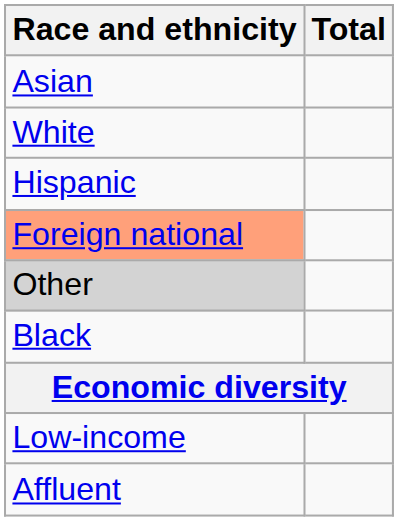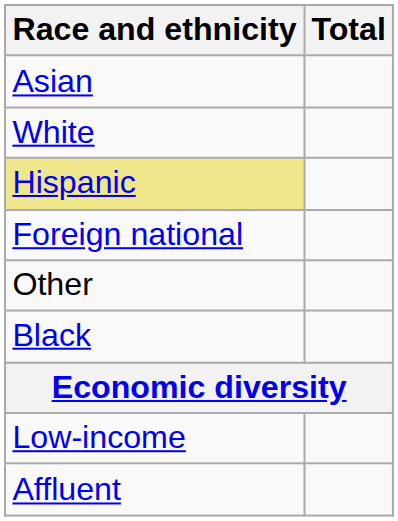 <table class="wikitable floatright sortable collapsible"; text-align:right; font-size:80%;">
 <tr>
 <th>Race and ethnicity</th>
 <th colspan="2" data-sort-type=number>Total</th>
 </tr>
 <tr>
 <td><a href='#'>Asian</a></td>
 <td align=right></td>
 </tr>
 <tr>
 <td><a href='#'>White</a></td>
 <td align=right></td>
 </tr>
 <tr>
-<td><a href='#'>Hispanic</a></td>
+<td style="background: khaki;"><a href='#'>Hispanic</a></td>
 <td align=right></td>
 </tr>
 <tr>
-<td style="background: lightsalmon;"><a href='#'>Foreign national</a></td>
+<td><a href='#'>Foreign national</a></td>
 <td align=right></td>
 </tr>
 <tr>
-<td style="background: lightgrey;">Other</td>
+<td>Other</td>
 <td align=right></td>
 </tr>
 <tr>
 <td><a href='#'>Black</a></td>
 <td align=right></td>
 </tr>
 <tr>
 <th colspan="4" data-sort-type=number><a href='#'>Economic diversity</a></th>
 </tr>
 <tr>
 <td><a href='#'>Low-income</a></td>
 <td align=right></td>
 </tr>
 <tr>
 <td><a href='#'>Affluent</a></td>
 <td align=right></td>
 </tr>
 </table>
